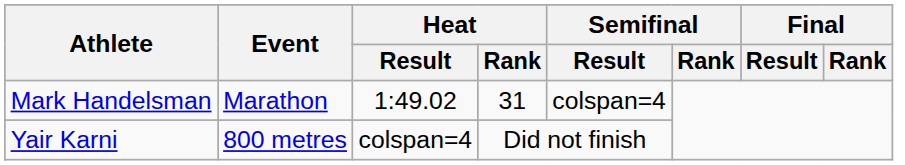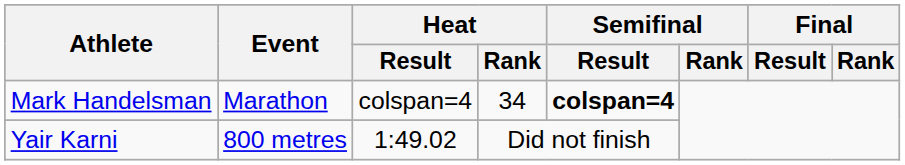 <table class=wikitable style=font-size:90%>
 <tr>
 <th rowspan=2>Athlete</th>
 <th rowspan=2>Event</th>
 <th colspan=2>Heat</th>
 <th colspan=2>Semifinal</th>
 <th colspan=2>Final</th>
 </tr>
 <tr style=font-size:95%>
 <th>Result</th>
 <th>Rank</th>
 <th>Result</th>
 <th>Rank</th>
 <th>Result</th>
 <th>Rank</th>
 </tr>
 <tr align=center>
 <td align=left><a href='#'>Mark Handelsman</a></td>
 <td align=left><a href='#'>Marathon</a></td>
-<td>1:49.02</td>
-<td>31</td>
 <td>colspan=4 </td>
+<td>34</td>
+<td><strong>colspan=4 </strong></td>
 </tr>
 <tr align=center>
 <td align=left><a href='#'>Yair Karni</a></td>
 <td align=left><a href='#'>800 metres</a></td>
-<td>colspan=4 </td>
+<td>1:49.02</td>
 <td colspan=2>Did not finish</td>
 </tr>
 </table>
